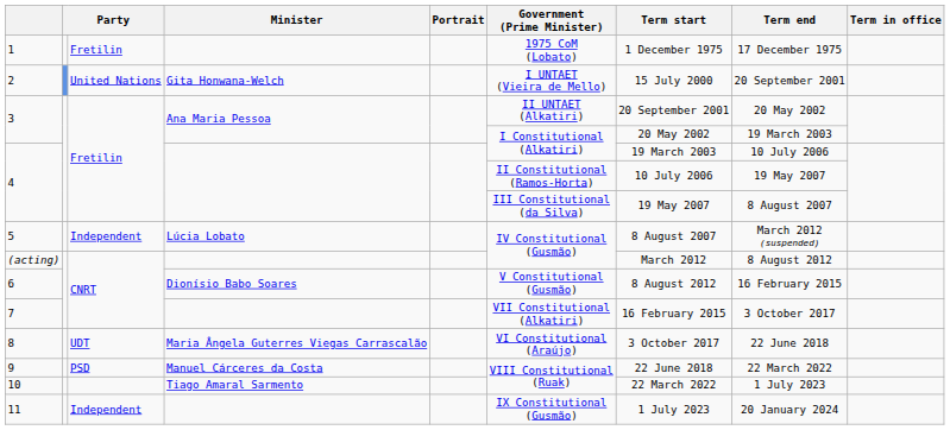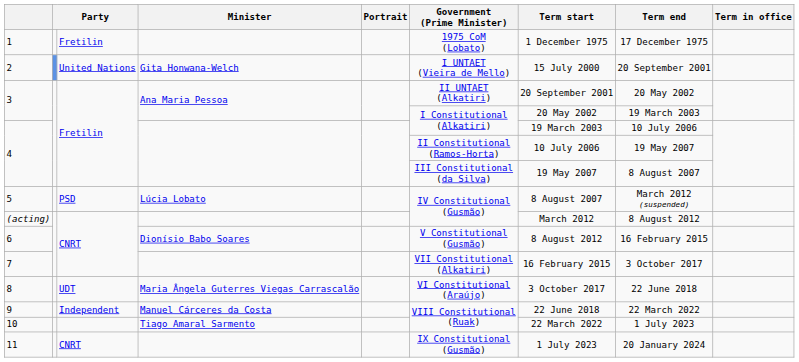 <table class="wikitable sortable">
 <tr>
 <th></th>
 <th colspan="2">Party</th>
 <th>Minister</th>
 <th>Portrait</th>
 <th>Government<br>(Prime Minister)</th>
 <th>Term start</th>
 <th>Term end</th>
 <th>Term in office</th>
 </tr>
 <tr>
 <td>1</td>
 <td style="background:"></td>
 <td><a href='#'>Fretilin</a></td>
 <td></td>
 <td></td>
 <td align=center><a href='#'>1975 CoM</a><br>(<a href='#'>Lobato</a>)</td>
 <td align=center>1 December 1975</td>
 <td align=center>17 December 1975</td>
 <td align=right></td>
 </tr>
 <tr>
 <td>2</td>
 <td style="background:#5b92e5"></td>
 <td><a href='#'>United Nations</a></td>
 <td><a href='#'>Gita Honwana-Welch</a></td>
 <td></td>
 <td align=center><a href='#'>I UNTAET</a><br>(<a href='#'>Vieira de Mello</a>)</td>
 <td align=center>15 July 2000</td>
 <td align=center>20 September 2001</td>
 <td align=right></td>
 </tr>
 <tr>
 <td rowspan=2>3</td>
 <td rowspan=5 style="background:"></td>
 <td rowspan=5><a href='#'>Fretilin</a></td>
 <td rowspan=2><a href='#'>Ana Maria Pessoa</a></td>
 <td rowspan=2></td>
 <td align=center><a href='#'>II UNTAET</a><br>(<a href='#'>Alkatiri</a>)</td>
 <td align=center>20 September 2001</td>
 <td align=center>20 May 2002</td>
 <td rowspan=2 align=right></td>
 </tr>
 <tr>
 <td rowspan=2 align=center><a href='#'>I Constitutional</a><br>(<a href='#'>Alkatiri</a>)</td>
 <td align=center>20 May 2002</td>
 <td align=center>19 March 2003</td>
 </tr>
 <tr>
 <td rowspan=3>4</td>
 <td rowspan=3></td>
 <td rowspan=3></td>
 <td align=center>19 March 2003</td>
 <td align=center>10 July 2006</td>
 <td rowspan=3 align=right></td>
 </tr>
 <tr>
 <td align=center><a href='#'>II Constitutional</a><br>(<a href='#'>Ramos-Horta</a>)</td>
 <td align=center>10 July 2006</td>
 <td align=center>19 May 2007</td>
 </tr>
 <tr>
 <td align=center><a href='#'>III Constitutional</a><br>(<a href='#'>da Silva</a>)</td>
 <td align=center>19 May 2007</td>
 <td align=center>8 August 2007</td>
 </tr>
 <tr>
 <td>5</td>
 <td style="background:"></td>
-<td><a href='#'>Independent</a></td>
+<td><a href='#'>PSD</a></td>
 <td><a href='#'>Lúcia Lobato</a></td>
 <td></td>
 <td rowspan=2 align=center><a href='#'>IV Constitutional</a><br>(<a href='#'>Gusmão</a>)</td>
 <td align=center>8 August 2007</td>
 <td align=center>March 2012<br><small><em>(suspended)</em></small></td>
 <td align=right><br><small></small></td>
 </tr>
 <tr>
 <td><em>(acting)</em></td>
 <td rowspan=3 style="background:"></td>
 <td rowspan=3><a href='#'>CNRT</a></td>
 <td></td>
 <td></td>
 <td align=center>March 2012</td>
 <td align=center>8 August 2012</td>
 <td align=right></td>
 </tr>
 <tr>
 <td>6</td>
 <td><a href='#'>Dionísio Babo Soares</a></td>
 <td></td>
 <td align=center><a href='#'>V Constitutional</a><br>(<a href='#'>Gusmão</a>)</td>
 <td align=center>8 August 2012</td>
 <td align=center>16 February 2015</td>
 <td align=right></td>
 </tr>
 <tr>
 <td>7</td>
 <td></td>
 <td></td>
 <td align=center><a href='#'>VII Constitutional</a><br>(<a href='#'>Alkatiri</a>)</td>
 <td align=center>16 February 2015</td>
 <td align=center>3 October 2017</td>
 <td align=right></td>
 </tr>
 <tr>
 <td>8</td>
 <td style="background:"></td>
 <td><a href='#'>UDT</a></td>
 <td><a href='#'>Maria Ângela Guterres Viegas Carrascalão</a></td>
 <td></td>
 <td align=center><a href='#'>VI Constitutional</a><br>(<a href='#'>Araújo</a>)</td>
 <td align=center>3 October 2017</td>
 <td align=center>22 June 2018</td>
 <td align=right></td>
 </tr>
 <tr>
 <td>9</td>
 <td style="background:"></td>
-<td><a href='#'>PSD</a></td>
+<td><a href='#'>Independent</a></td>
 <td><a href='#'>Manuel Cárceres da Costa</a></td>
 <td></td>
 <td rowspan=2 align=center><a href='#'>VIII Constitutional</a><br>(<a href='#'>Ruak</a>)</td>
 <td align=center>22 June 2018</td>
 <td align=center>22 March 2022</td>
 <td align=right></td>
 </tr>
 <tr>
 <td>10</td>
 <td></td>
 <td></td>
 <td><a href='#'>Tiago Amaral Sarmento</a></td>
 <td></td>
 <td align=center>22 March 2022</td>
 <td align=center>1 July 2023</td>
 <td align=right></td>
 </tr>
 <tr>
 <td>11</td>
 <td style="background:"></td>
-<td><a href='#'>Independent</a></td>
+<td><a href='#'>CNRT</a></td>
 <td></td>
 <td></td>
 <td align=center><a href='#'>IX Constitutional</a><br>(<a href='#'>Gusmão</a>)</td>
 <td align=center>1 July 2023</td>
 <td align=center>20 January 2024</td>
 <td align=right></td>
 </tr>
 </table>
